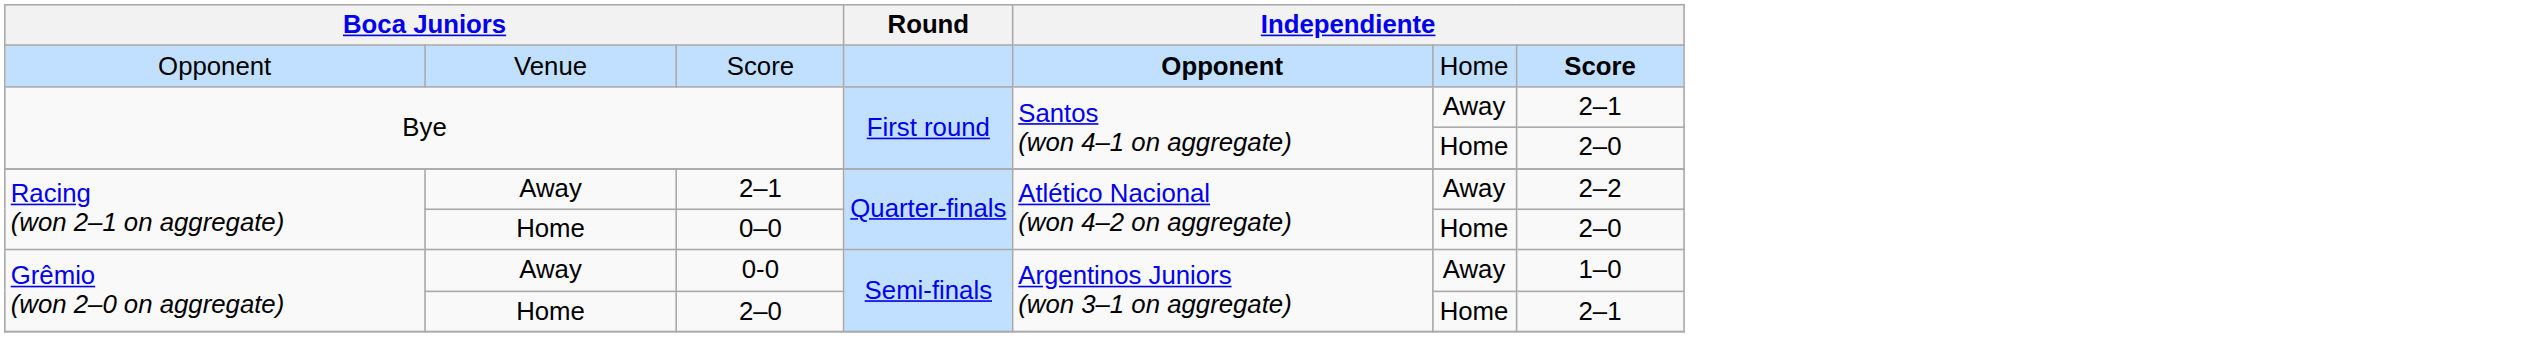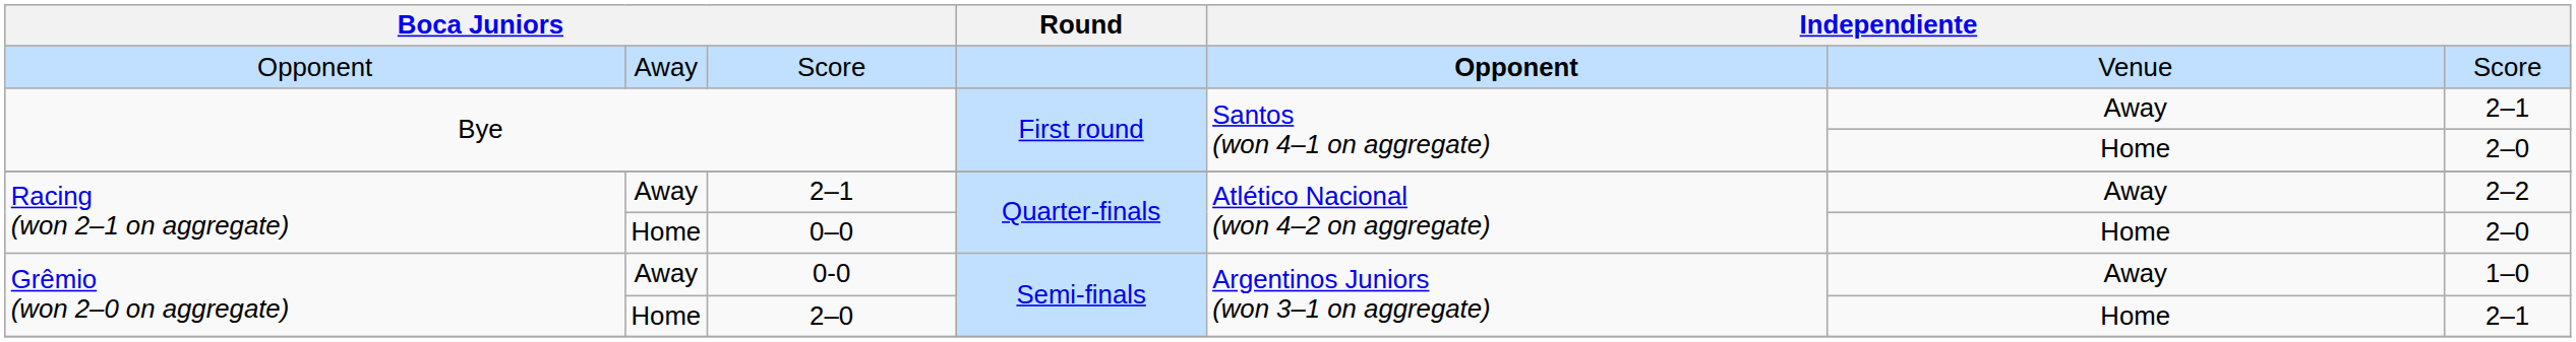 <table class="wikitable" style="text-align: center;">
 <tr>
 <th colspan=3><a href='#'>Boca Juniors</a></th>
 <th>Round</th>
 <th colspan=3><a href='#'>Independiente</a></th>
 </tr>
 <tr bgcolor=#c1e0ff>
 <td width=25%>Opponent</td>
-<td width=15%>Venue</td>
+<td>Away</td>
 <td width=10%>Score</td>
 <td width=10%></td>
 <td width=25%><strong>Opponent</strong></td>
-<td>Home</td>
-<td width=10%><strong>Score</strong></td>
+<td width=25%>Venue</td>
+<td width=10%>Score</td>
 </tr>
 <tr>
 <td rowspan=2 colspan=3>Bye</td>
 <td rowspan=2 bgcolor=#c1e0ff><a href='#'>First round</a></td>
 <td rowspan=2 align=left> <a href='#'>Santos</a><br><em>(won 4–1 on aggregate)</em></td>
 <td>Away</td>
 <td>2–1</td>
 </tr>
 <tr>
 <td>Home</td>
 <td>2–0</td>
 </tr>
 <tr>
 </tr>
 <tr>
 <td rowspan=2 align=left> <a href='#'>Racing</a><br><em>(won 2–1 on aggregate)</em></td>
 <td>Away</td>
 <td>2–1</td>
 <td rowspan=2 bgcolor=#c1e0ff><a href='#'>Quarter-finals</a></td>
 <td rowspan=2 align=left> <a href='#'>Atlético Nacional</a><br><em>(won 4–2 on aggregate)</em></td>
 <td>Away</td>
 <td>2–2</td>
 </tr>
 <tr>
 <td>Home</td>
 <td>0–0</td>
 <td>Home</td>
 <td>2–0</td>
 </tr>
 <tr>
 <td rowspan=2 align=left> <a href='#'>Grêmio</a><br><em>(won 2–0 on aggregate)</em></td>
 <td>Away</td>
 <td>0-0</td>
 <td rowspan=2 bgcolor=#c1e0ff><a href='#'>Semi-finals</a></td>
 <td rowspan=2 align=left> <a href='#'>Argentinos Juniors</a><br><em>(won 3–1 on aggregate)</em></td>
 <td>Away</td>
 <td>1–0</td>
 </tr>
 <tr>
 <td>Home</td>
 <td>2–0</td>
 <td>Home</td>
 <td>2–1</td>
 </tr>
 <tr>
 </tr>
 </table>
